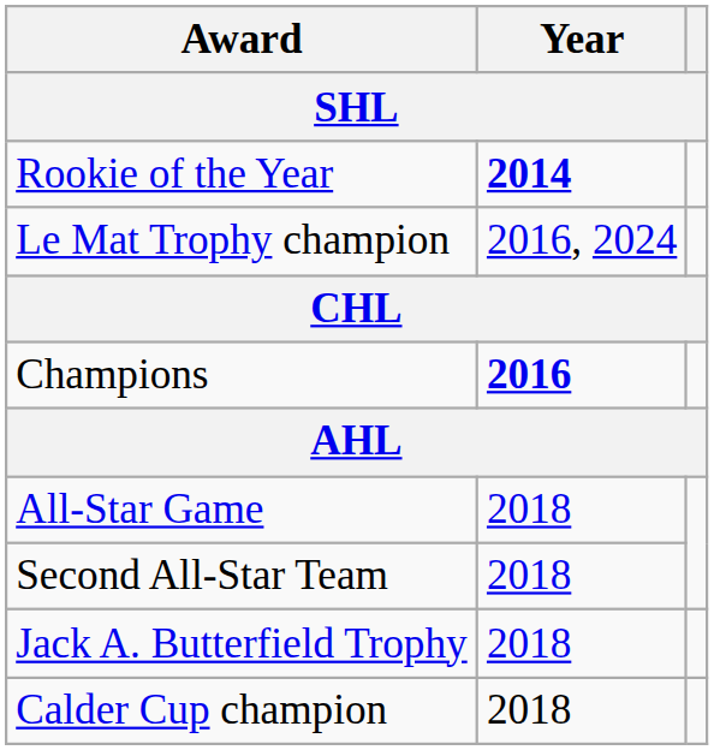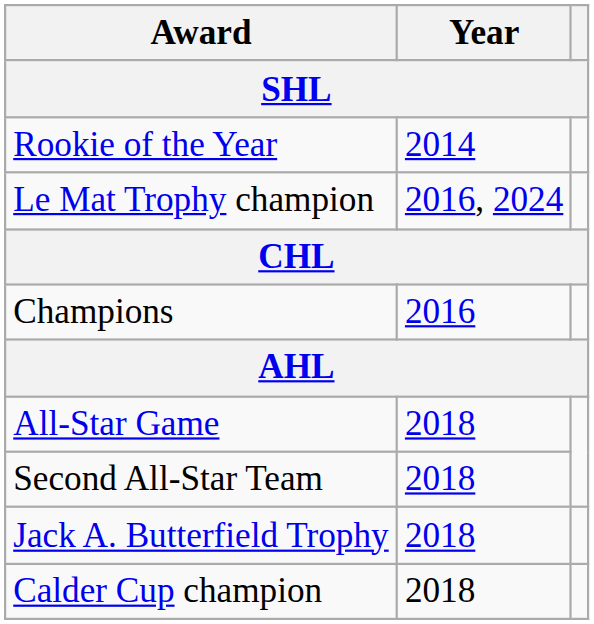 <table class="wikitable">
 <tr>
 <th>Award</th>
 <th>Year</th>
 <th></th>
 </tr>
 <tr>
 <th colspan="3"><a href='#'>SHL</a></th>
 </tr>
 <tr>
 <td><a href='#'>Rookie of the Year</a></td>
-<td><strong><a href='#'>2014</a></strong></td>
+<td><a href='#'>2014</a></td>
 <td></td>
 </tr>
 <tr>
 <td><a href='#'>Le Mat Trophy</a> champion</td>
 <td><a href='#'>2016</a>, <a href='#'>2024</a></td>
 <td></td>
 </tr>
 <tr>
 <th colspan="3"><a href='#'>CHL</a></th>
 </tr>
 <tr>
 <td>Champions</td>
-<td><strong><a href='#'>2016</a></strong></td>
+<td><a href='#'>2016</a></td>
 <td></td>
 </tr>
 <tr>
 <th colspan="3"><a href='#'>AHL</a></th>
 </tr>
 <tr>
 <td><a href='#'>All-Star Game</a></td>
 <td><a href='#'>2018</a></td>
 <td rowspan="2"></td>
 </tr>
 <tr>
 <td>Second All-Star Team</td>
 <td><a href='#'>2018</a></td>
 </tr>
 <tr>
 <td><a href='#'>Jack A. Butterfield Trophy</a></td>
 <td><a href='#'>2018</a></td>
 <td></td>
 </tr>
 <tr>
 <td><a href='#'>Calder Cup</a> champion</td>
 <td>2018</td>
 <td></td>
 </tr>
 </table>
